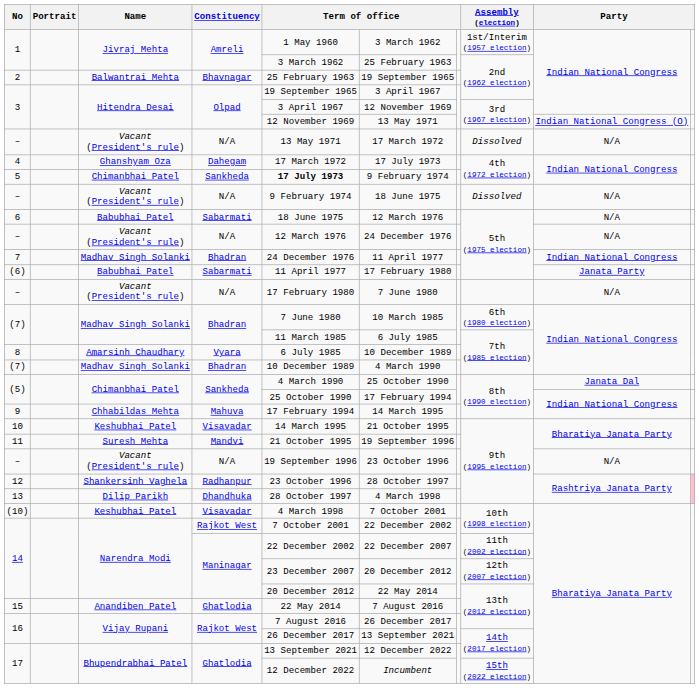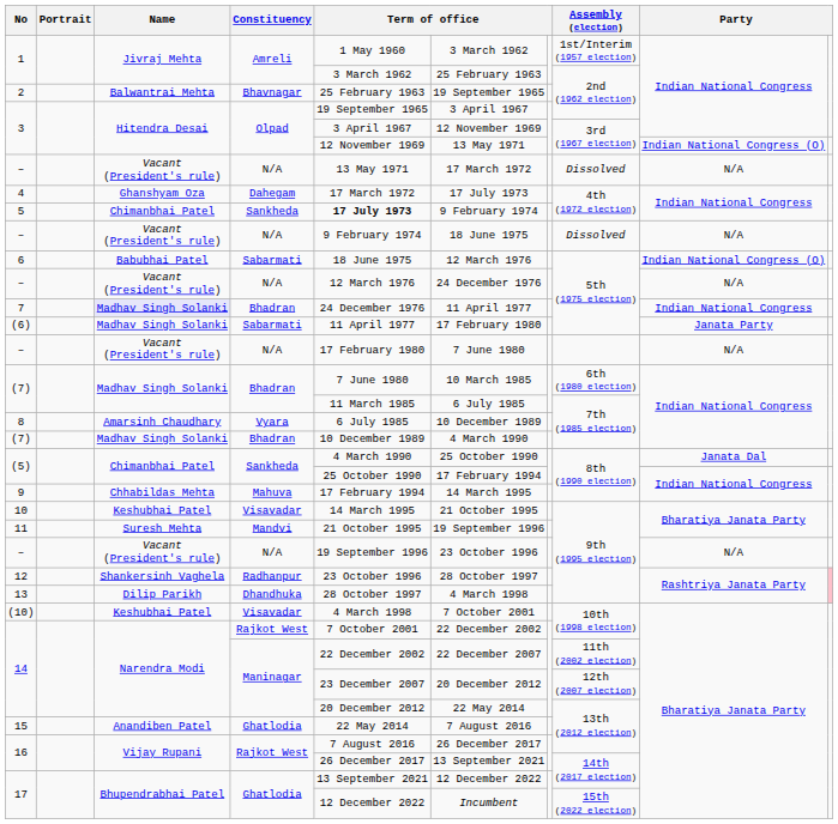 <table class="wikitable" style="text-align:center">
 <tr>
 <th>No</th>
 <th>Portrait</th>
 <th>Name</th>
 <th><a href='#'>Constituency</a></th>
 <th colspan="3">Term of office</th>
 <th><a href='#'>Assembly</a><br><small>(<a href='#'>election</a>)</small></th>
 <th colspan="2">Party</th>
 </tr>
 <tr>
 <td rowspan="2">1</td>
 <td rowspan="2"></td>
 <td rowspan="2"><a href='#'>Jivraj Mehta</a></td>
 <td rowspan="2"><a href='#'>Amreli</a></td>
 <td>1 May 1960</td>
 <td>3 March 1962</td>
 <td rowspan="2"></td>
 <td>1st/Interim<br><small>(<a href='#'>1957 election</a>)</small></td>
 <td rowspan="5"><a href='#'>Indian National Congress</a></td>
 <td rowspan="5" style="background-color: "></td>
 </tr>
 <tr>
 <td>3 March 1962</td>
 <td>25 February 1963</td>
 <td rowspan="3">2nd<br><small>(<a href='#'>1962 election</a>)</small></td>
 </tr>
 <tr>
 <td>2</td>
 <td></td>
 <td><a href='#'>Balwantrai Mehta</a></td>
 <td><a href='#'>Bhavnagar</a></td>
 <td>25 February 1963</td>
 <td>19 September 1965</td>
 <td></td>
 </tr>
 <tr>
 <td rowspan="3">3</td>
 <td rowspan="3"></td>
 <td rowspan="3"><a href='#'>Hitendra Desai</a></td>
 <td rowspan="3"><a href='#'>Olpad</a></td>
 <td>19 September 1965</td>
 <td>3 April 1967</td>
 <td rowspan="3"></td>
 </tr>
 <tr>
 <td>3 April 1967</td>
 <td>12 November 1969</td>
 <td rowspan="2">3rd<br><small>(<a href='#'>1967 election</a>)</small></td>
 </tr>
 <tr>
 <td>12 November 1969</td>
 <td>13 May 1971</td>
 <td><a href='#'>Indian National Congress (O)</a></td>
 <td style="background-color:"></td>
 </tr>
 <tr>
 <td>–</td>
 <td></td>
 <td><em>Vacant</em><br>(<a href='#'>President's rule</a>)</td>
 <td>N/A</td>
 <td>13 May 1971</td>
 <td>17 March 1972</td>
 <td></td>
 <td><em>Dissolved</em></td>
 <td>N/A</td>
 <td></td>
 </tr>
 <tr>
 <td>4</td>
 <td></td>
 <td><a href='#'>Ghanshyam Oza</a></td>
 <td><a href='#'>Dahegam</a></td>
 <td>17 March 1972</td>
 <td>17 July 1973</td>
 <td></td>
 <td rowspan="2">4th<br><small>(<a href='#'>1972 election</a>)</small></td>
 <td rowspan="2"><a href='#'>Indian National Congress</a></td>
 <td rowspan="2" style="background-color: "></td>
 </tr>
 <tr>
 <td>5</td>
 <td></td>
 <td><a href='#'>Chimanbhai Patel</a></td>
 <td><a href='#'>Sankheda</a></td>
 <td><strong>17 July 1973</strong></td>
 <td>9 February 1974</td>
 <td></td>
 </tr>
 <tr>
 <td>–</td>
 <td></td>
 <td><em>Vacant</em><br>(<a href='#'>President's rule</a>)</td>
 <td>N/A</td>
 <td>9 February 1974</td>
 <td>18 June 1975</td>
 <td></td>
 <td><em>Dissolved</em></td>
 <td>N/A</td>
 <td style="background-color: white"></td>
 </tr>
 <tr>
 <td>6</td>
 <td></td>
 <td><a href='#'>Babubhai Patel</a></td>
 <td><a href='#'>Sabarmati</a></td>
 <td>18 June 1975</td>
 <td>12 March 1976</td>
 <td></td>
 <td rowspan="4">5th<br><small>(<a href='#'>1975 election</a>)</small></td>
-<td>N/A</td>
+<td><a href='#'>Indian National Congress (O)</a></td>
 <td style="background-color:"></td>
 </tr>
 <tr>
 <td>–</td>
 <td></td>
 <td><em>Vacant</em><br>(<a href='#'>President's rule</a>)</td>
 <td>N/A</td>
 <td>12 March 1976</td>
 <td>24 December 1976</td>
 <td></td>
 <td>N/A</td>
 <td style="background-color: white"></td>
 </tr>
 <tr>
 <td>7</td>
 <td></td>
-<td><a href='#'>Madhav Singh Solanki</a></td>
+<td style="background: lavender;"><a href='#'>Madhav Singh Solanki</a></td>
 <td><a href='#'>Bhadran</a></td>
 <td>24 December 1976</td>
 <td>11 April 1977</td>
 <td></td>
 <td><a href='#'>Indian National Congress</a></td>
 <td style="background-color: "></td>
 </tr>
 <tr>
 <td>(6)</td>
 <td></td>
-<td><a href='#'>Babubhai Patel</a></td>
+<td><a href='#'>Madhav Singh Solanki</a></td>
 <td><a href='#'>Sabarmati</a></td>
 <td>11 April 1977</td>
 <td>17 February 1980</td>
 <td></td>
 <td><a href='#'>Janata Party</a></td>
 <td style="background-color: "></td>
 </tr>
 <tr>
 <td>–</td>
 <td></td>
 <td><em>Vacant</em><br>(<a href='#'>President's rule</a>)</td>
 <td>N/A</td>
 <td>17 February 1980</td>
 <td>7 June 1980</td>
 <td></td>
 <td></td>
 <td>N/A</td>
 <td></td>
 </tr>
 <tr>
 <td rowspan="2">(7)</td>
 <td rowspan="2"></td>
 <td rowspan="2"><a href='#'>Madhav Singh Solanki</a></td>
 <td rowspan="2"><a href='#'>Bhadran</a></td>
 <td>7 June 1980</td>
 <td>10 March 1985</td>
 <td rowspan="2"></td>
 <td>6th<br><small>(<a href='#'>1980 election</a>)</small></td>
 <td rowspan="4"><a href='#'>Indian National Congress</a></td>
 <td rowspan="4" style="background-color: "></td>
 </tr>
 <tr>
 <td>11 March 1985</td>
 <td>6 July 1985</td>
 <td rowspan="3">7th<br><small>(<a href='#'>1985 election</a>)</small></td>
 </tr>
 <tr>
 <td>8</td>
 <td></td>
 <td><a href='#'>Amarsinh Chaudhary</a></td>
 <td><a href='#'>Vyara</a></td>
 <td>6 July 1985</td>
 <td>10 December 1989</td>
 <td></td>
 </tr>
 <tr>
 <td>(7)</td>
 <td></td>
 <td><a href='#'>Madhav Singh Solanki</a></td>
 <td><a href='#'>Bhadran</a></td>
 <td>10 December 1989</td>
 <td>4 March 1990</td>
 <td></td>
 </tr>
 <tr>
 <td rowspan="2">(5)</td>
 <td rowspan="2"></td>
 <td rowspan="2"><a href='#'>Chimanbhai Patel</a></td>
 <td rowspan="2"><a href='#'>Sankheda</a></td>
 <td>4 March 1990</td>
 <td>25 October 1990</td>
 <td rowspan="2"></td>
 <td rowspan="3">8th<br><small>(<a href='#'>1990 election</a>)</small></td>
 <td><a href='#'>Janata Dal</a></td>
 <td style="background-color: "></td>
 </tr>
 <tr>
 <td>25 October 1990</td>
 <td>17 February 1994</td>
 <td rowspan="2"><a href='#'>Indian National Congress</a></td>
 <td rowspan="2" style="background-color: "></td>
 </tr>
 <tr>
 <td>9</td>
 <td></td>
 <td><a href='#'>Chhabildas Mehta</a></td>
 <td><a href='#'>Mahuva</a></td>
 <td>17 February 1994</td>
 <td>14 March 1995</td>
 <td></td>
 </tr>
 <tr>
 <td>10</td>
 <td></td>
 <td><a href='#'>Keshubhai Patel</a></td>
 <td><a href='#'>Visavadar</a></td>
 <td>14 March 1995</td>
 <td>21 October 1995</td>
 <td></td>
 <td rowspan="5">9th<br><small>(<a href='#'>1995 election</a>)</small></td>
 <td rowspan="2"><a href='#'>Bharatiya Janata Party</a></td>
 <td rowspan="2" style="background-color: "></td>
 </tr>
 <tr>
 <td>11</td>
 <td></td>
 <td><a href='#'>Suresh Mehta</a></td>
 <td><a href='#'>Mandvi</a></td>
 <td>21 October 1995</td>
 <td>19 September 1996</td>
 <td></td>
 </tr>
 <tr>
 <td>–</td>
 <td></td>
 <td><em>Vacant</em><br>(<a href='#'>President's rule</a>)</td>
 <td>N/A</td>
 <td>19 September 1996</td>
 <td>23 October 1996</td>
 <td></td>
 <td>N/A</td>
 <td></td>
 </tr>
 <tr>
 <td>12</td>
 <td></td>
 <td><a href='#'>Shankersinh Vaghela</a></td>
 <td><a href='#'>Radhanpur</a></td>
 <td>23 October 1996</td>
 <td>28 October 1997</td>
 <td></td>
 <td rowspan="2"><a href='#'>Rashtriya Janata Party</a></td>
 <td rowspan="2" style="background-color:pink"></td>
 </tr>
 <tr>
 <td>13</td>
 <td></td>
 <td><a href='#'>Dilip Parikh</a></td>
 <td><a href='#'>Dhandhuka</a></td>
 <td>28 October 1997</td>
 <td>4 March 1998</td>
 <td></td>
 </tr>
 <tr>
 <td>(10)</td>
 <td></td>
 <td><a href='#'>Keshubhai Patel</a></td>
 <td><a href='#'>Visavadar</a></td>
 <td>4 March 1998</td>
 <td>7 October 2001</td>
 <td></td>
 <td rowspan=2>10th<br><small>(<a href='#'>1998 election</a>)</small></td>
 <td rowspan=10><a href='#'>Bharatiya Janata Party</a></td>
 <td rowspan=10 style="background-color:"></td>
 </tr>
 <tr>
 <td rowspan=4><a href='#'>14</a></td>
 <td rowspan=4></td>
 <td rowspan=4><a href='#'>Narendra Modi</a></td>
 <td><a href='#'>Rajkot West</a></td>
 <td>7 October 2001</td>
 <td>22 December 2002</td>
 <td rowspan=4></td>
 </tr>
 <tr>
 <td rowspan=3><a href='#'>Maninagar</a></td>
 <td>22 December 2002</td>
 <td>22 December 2007</td>
 <td>11th<br><small>(<a href='#'>2002 election</a>)</small></td>
 </tr>
 <tr>
 <td>23 December 2007</td>
 <td>20 December 2012</td>
 <td>12th<br><small>(<a href='#'>2007 election</a>)</small></td>
 </tr>
 <tr>
 <td>20 December 2012</td>
 <td>22 May 2014</td>
 <td rowspan="3">13th<br><small>(<a href='#'>2012 election</a>)</small></td>
 </tr>
 <tr>
 <td>15</td>
 <td></td>
 <td><a href='#'>Anandiben Patel</a></td>
 <td><a href='#'>Ghatlodia</a></td>
 <td>22 May 2014</td>
 <td>7 August 2016</td>
 <td></td>
 </tr>
 <tr>
 <td rowspan="2">16</td>
 <td rowspan="2"></td>
 <td rowspan="2"><a href='#'>Vijay Rupani</a></td>
 <td rowspan="2"><a href='#'>Rajkot West</a></td>
 <td>7 August 2016</td>
 <td>26 December 2017</td>
 <td rowspan="2"></td>
 </tr>
 <tr>
 <td>26 December 2017</td>
 <td>13 September 2021</td>
 <td rowspan="2"><a href='#'>14th</a><br><small>(<a href='#'>2017 election</a>)</small></td>
 </tr>
 <tr>
 <td rowspan="2">17</td>
 <td rowspan="2"></td>
 <td rowspan="2"><a href='#'>Bhupendrabhai Patel</a></td>
 <td rowspan="2"><a href='#'>Ghatlodia</a></td>
 <td>13 September 2021</td>
 <td>12 December 2022</td>
 <td rowspan="2"></td>
 </tr>
 <tr>
 <td>12 December 2022</td>
 <td><em>Incumbent</em></td>
 <td><a href='#'>15th</a><br><small>(<a href='#'>2022 election</a>)</small></td>
 </tr>
 </table>
